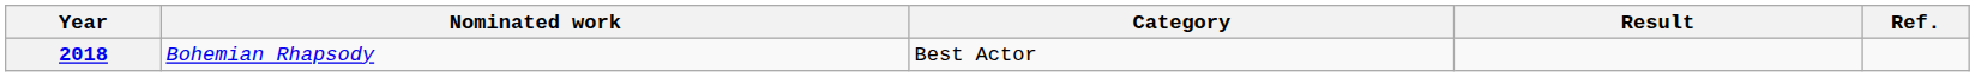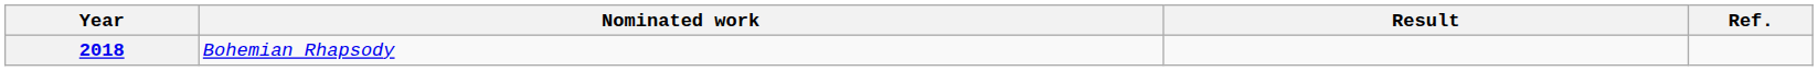 <table class="wikitable">
 <tr>
 <th width=2%>Year</th>
 <th width=11%>Nominated work</th>
-<th width=8%>Category</th>
 <th width=6%>Result</th>
 <th width=1%>Ref.</th>
 </tr>
 <tr>
 <th scope=row><a href='#'>2018</a></th>
 <td><em><a href='#'>Bohemian Rhapsody</a></em></td>
-<td>Best Actor</td>
 <td></td>
 <td style="text-align:center;"></td>
 </tr>
 </table>
